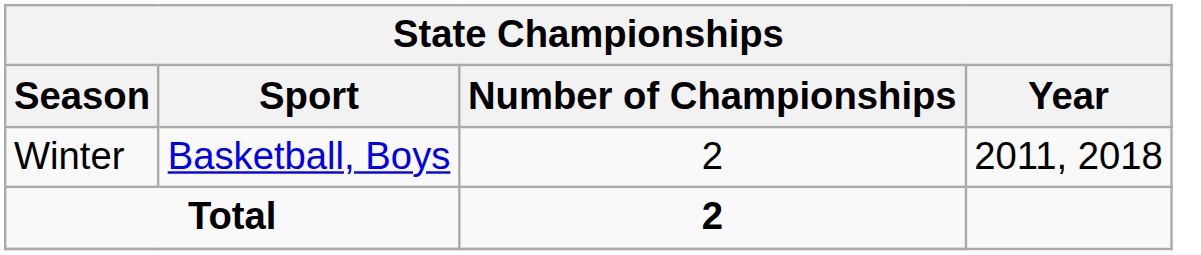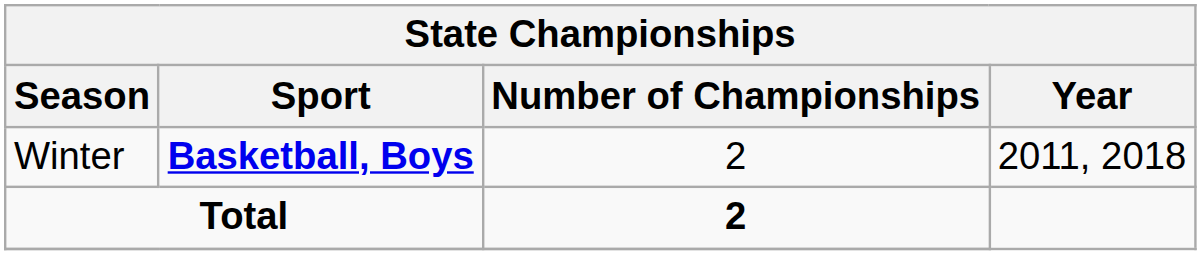 <table class="wikitable">
 <tr>
 <th colspan="4">State Championships</th>
 </tr>
 <tr>
 <th>Season</th>
 <th>Sport</th>
 <th>Number of Championships</th>
 <th>Year</th>
 </tr>
 <tr>
 <td rowspan="1">Winter</td>
-<td><a href='#'>Basketball, Boys</a></td>
+<td><strong><a href='#'>Basketball, Boys</a></strong></td>
 <td align="center">2</td>
 <td>2011, 2018</td>
 </tr>
 <tr>
 <td align="center" colspan="2"><strong>Total</strong></td>
 <td align="center"><strong>2</strong></td>
 </tr>
 <tr>
 </tr>
 </table>
